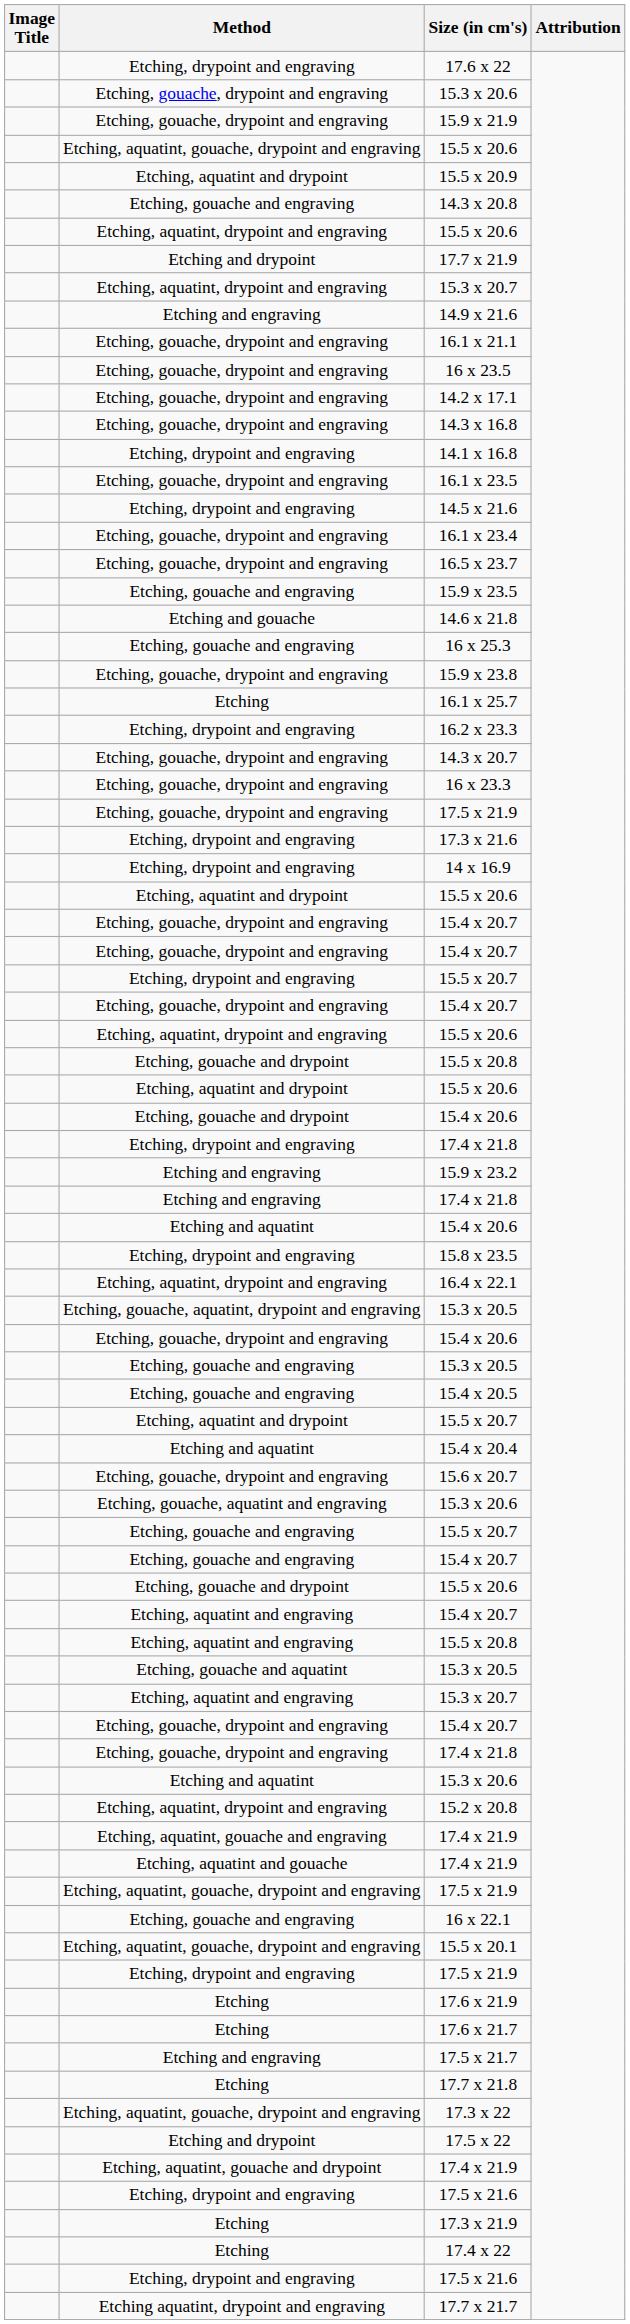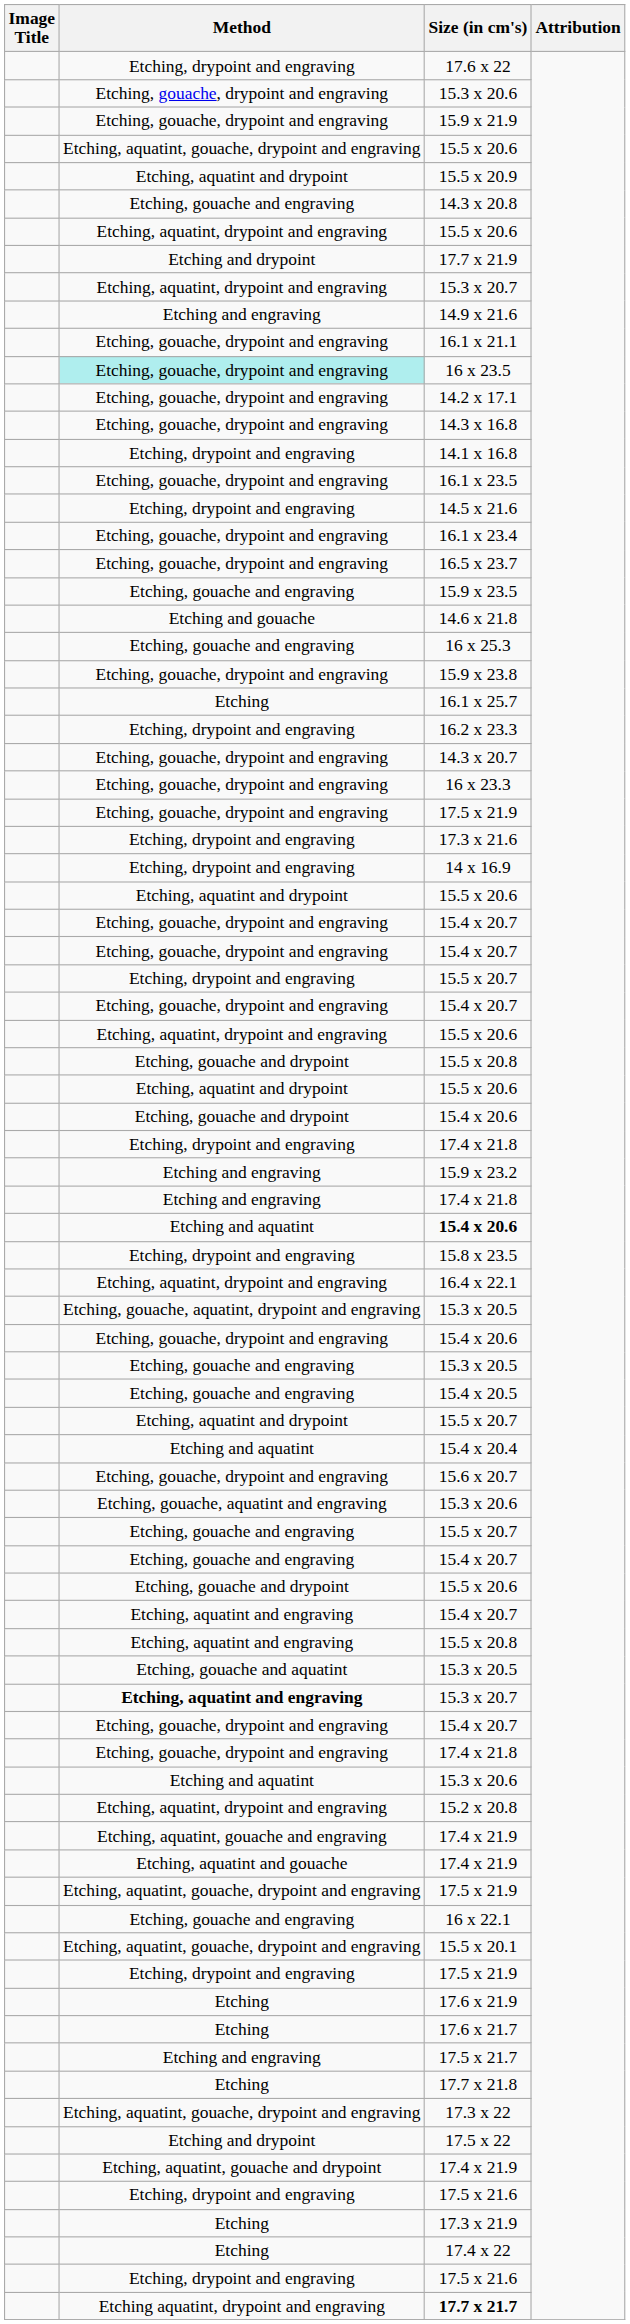 <table class="wikitable sortable" style="text-align: center">
 <tr>
 <th>Image<br>Title</th>
 <th>Method</th>
 <th>Size (in cm's)</th>
 <th>Attribution</th>
 </tr>
 <tr>
 <td></td>
 <td>Etching, drypoint and engraving</td>
 <td>17.6 x 22</td>
 </tr>
 <tr>
 <td></td>
 <td>Etching, <a href='#'>gouache</a>, drypoint and engraving</td>
 <td>15.3 x 20.6</td>
 </tr>
 <tr>
 <td></td>
 <td>Etching, gouache, drypoint and engraving</td>
 <td>15.9 x 21.9</td>
 </tr>
 <tr>
 <td></td>
 <td>Etching, aquatint, gouache, drypoint and engraving</td>
 <td>15.5 x 20.6</td>
 </tr>
 <tr>
 <td></td>
 <td>Etching, aquatint and drypoint</td>
 <td>15.5 x 20.9</td>
 </tr>
 <tr>
 <td></td>
 <td>Etching, gouache and engraving</td>
 <td>14.3 x 20.8</td>
 </tr>
 <tr>
 <td></td>
 <td>Etching, aquatint, drypoint and engraving</td>
 <td>15.5 x 20.6</td>
 </tr>
 <tr>
 <td></td>
 <td>Etching and drypoint</td>
 <td>17.7 x 21.9</td>
 </tr>
 <tr>
 <td></td>
 <td>Etching, aquatint, drypoint and engraving</td>
 <td>15.3 x 20.7</td>
 </tr>
 <tr>
 <td></td>
 <td>Etching and engraving</td>
 <td>14.9 x 21.6</td>
 </tr>
 <tr>
 <td></td>
 <td>Etching, gouache, drypoint and engraving</td>
 <td>16.1 x 21.1</td>
 </tr>
 <tr>
 <td></td>
-<td>Etching, gouache, drypoint and engraving</td>
+<td style="background: paleturquoise;">Etching, gouache, drypoint and engraving</td>
 <td>16 x 23.5</td>
 </tr>
 <tr>
 <td></td>
 <td>Etching, gouache, drypoint and engraving</td>
 <td>14.2 x 17.1</td>
 </tr>
 <tr>
 <td></td>
 <td>Etching, gouache, drypoint and engraving</td>
 <td>14.3 x 16.8</td>
 </tr>
 <tr>
 <td></td>
 <td>Etching, drypoint and engraving</td>
 <td>14.1 x 16.8</td>
 </tr>
 <tr>
 <td></td>
 <td>Etching, gouache, drypoint and engraving</td>
 <td>16.1 x 23.5</td>
 </tr>
 <tr>
 <td></td>
 <td>Etching, drypoint and engraving</td>
 <td>14.5 x 21.6</td>
 </tr>
 <tr>
 <td></td>
 <td>Etching, gouache, drypoint and engraving</td>
 <td>16.1 x 23.4</td>
 </tr>
 <tr>
 <td></td>
 <td>Etching, gouache, drypoint and engraving</td>
 <td>16.5 x 23.7</td>
 </tr>
 <tr>
 <td></td>
 <td>Etching, gouache and engraving</td>
 <td>15.9 x 23.5</td>
 </tr>
 <tr>
 <td></td>
 <td>Etching and gouache</td>
 <td>14.6 x 21.8</td>
 </tr>
 <tr>
 <td></td>
 <td>Etching, gouache and engraving</td>
 <td>16 x 25.3</td>
 </tr>
 <tr>
 <td></td>
 <td>Etching, gouache, drypoint and engraving</td>
 <td>15.9 x 23.8</td>
 </tr>
 <tr>
 <td></td>
 <td>Etching</td>
 <td>16.1 x 25.7</td>
 </tr>
 <tr>
 <td></td>
 <td>Etching, drypoint and engraving</td>
 <td>16.2 x 23.3</td>
 </tr>
 <tr>
 <td></td>
 <td>Etching, gouache, drypoint and engraving</td>
 <td>14.3 x 20.7</td>
 </tr>
 <tr>
 <td></td>
 <td>Etching, gouache, drypoint and engraving</td>
 <td>16 x 23.3</td>
 </tr>
 <tr>
 <td></td>
 <td>Etching, gouache, drypoint and engraving</td>
 <td>17.5 x 21.9</td>
 </tr>
 <tr>
 <td></td>
 <td>Etching, drypoint and engraving</td>
 <td>17.3 x 21.6</td>
 </tr>
 <tr>
 <td></td>
 <td>Etching, drypoint and engraving</td>
 <td>14 x 16.9</td>
 </tr>
 <tr>
 <td></td>
 <td>Etching, aquatint and drypoint</td>
 <td>15.5 x 20.6</td>
 </tr>
 <tr>
 <td></td>
 <td>Etching, gouache, drypoint and engraving</td>
 <td>15.4 x 20.7</td>
 </tr>
 <tr>
 <td></td>
 <td>Etching, gouache, drypoint and engraving</td>
 <td>15.4 x 20.7</td>
 </tr>
 <tr>
 <td></td>
 <td>Etching, drypoint and engraving</td>
 <td>15.5 x 20.7</td>
 </tr>
 <tr>
 <td></td>
 <td>Etching, gouache, drypoint and engraving</td>
 <td>15.4 x 20.7</td>
 </tr>
 <tr>
 <td></td>
 <td>Etching, aquatint, drypoint and engraving</td>
 <td>15.5 x 20.6</td>
 </tr>
 <tr>
 <td></td>
 <td>Etching, gouache and drypoint</td>
 <td>15.5 x 20.8</td>
 </tr>
 <tr>
 <td></td>
 <td>Etching, aquatint and drypoint</td>
 <td>15.5 x 20.6</td>
 </tr>
 <tr>
 <td></td>
 <td>Etching, gouache and drypoint</td>
 <td>15.4 x 20.6</td>
 </tr>
 <tr>
 <td></td>
 <td>Etching, drypoint and engraving</td>
 <td>17.4 x 21.8</td>
 </tr>
 <tr>
 <td></td>
 <td>Etching and engraving</td>
 <td>15.9 x 23.2</td>
 </tr>
 <tr>
 <td></td>
 <td>Etching and engraving</td>
 <td>17.4 x 21.8</td>
 </tr>
 <tr>
 <td></td>
 <td>Etching and aquatint</td>
-<td>15.4 x 20.6</td>
+<td><strong>15.4 x 20.6</strong></td>
 </tr>
 <tr>
 <td></td>
 <td>Etching, drypoint and engraving</td>
 <td>15.8 x 23.5</td>
 </tr>
 <tr>
 <td></td>
 <td>Etching, aquatint, drypoint and engraving</td>
 <td>16.4 x 22.1</td>
 </tr>
 <tr>
 <td></td>
 <td>Etching, gouache, aquatint, drypoint and engraving</td>
 <td>15.3 x 20.5</td>
 </tr>
 <tr>
 <td></td>
 <td>Etching, gouache, drypoint and engraving</td>
 <td>15.4 x 20.6</td>
 </tr>
 <tr>
 <td></td>
 <td>Etching, gouache and engraving</td>
 <td>15.3 x 20.5</td>
 </tr>
 <tr>
 <td></td>
 <td>Etching, gouache and engraving</td>
 <td>15.4 x 20.5</td>
 </tr>
 <tr>
 <td></td>
 <td>Etching, aquatint and drypoint</td>
 <td>15.5 x 20.7</td>
 </tr>
 <tr>
 <td></td>
 <td>Etching and aquatint</td>
 <td>15.4 x 20.4</td>
 </tr>
 <tr>
 <td></td>
 <td>Etching, gouache, drypoint and engraving</td>
 <td>15.6 x 20.7</td>
 </tr>
 <tr>
 <td></td>
 <td>Etching, gouache, aquatint and engraving</td>
 <td>15.3 x 20.6</td>
 </tr>
 <tr>
 <td></td>
 <td>Etching, gouache and engraving</td>
 <td>15.5 x 20.7</td>
 </tr>
 <tr>
 <td></td>
 <td>Etching, gouache and engraving</td>
 <td>15.4 x 20.7</td>
 </tr>
 <tr>
 <td></td>
 <td>Etching, gouache and drypoint</td>
 <td>15.5 x 20.6</td>
 </tr>
 <tr>
 <td></td>
 <td>Etching, aquatint and engraving</td>
 <td>15.4 x 20.7</td>
 </tr>
 <tr>
 <td></td>
 <td>Etching, aquatint and engraving</td>
 <td>15.5 x 20.8</td>
 </tr>
 <tr>
 <td></td>
 <td>Etching, gouache and aquatint</td>
 <td>15.3 x 20.5</td>
 </tr>
 <tr>
 <td></td>
-<td>Etching, aquatint and engraving</td>
+<td><strong>Etching, aquatint and engraving</strong></td>
 <td>15.3 x 20.7</td>
 </tr>
 <tr>
 <td></td>
 <td>Etching, gouache, drypoint and engraving</td>
 <td>15.4 x 20.7</td>
 </tr>
 <tr>
 <td></td>
 <td>Etching, gouache, drypoint and engraving</td>
 <td>17.4 x 21.8</td>
 </tr>
 <tr>
 <td></td>
 <td>Etching and aquatint</td>
 <td>15.3 x 20.6</td>
 </tr>
 <tr>
 <td></td>
 <td>Etching, aquatint, drypoint and engraving</td>
 <td>15.2 x 20.8</td>
 </tr>
 <tr>
 <td></td>
 <td>Etching, aquatint, gouache and engraving</td>
 <td>17.4 x 21.9</td>
 </tr>
 <tr>
 <td></td>
 <td>Etching, aquatint and gouache</td>
 <td>17.4 x 21.9</td>
 </tr>
 <tr>
 <td></td>
 <td>Etching, aquatint, gouache, drypoint and engraving</td>
 <td>17.5 x 21.9</td>
 </tr>
 <tr>
 <td></td>
 <td>Etching, gouache and engraving</td>
 <td>16 x 22.1</td>
 </tr>
 <tr>
 <td></td>
 <td>Etching, aquatint, gouache, drypoint and engraving</td>
 <td>15.5 x 20.1</td>
 </tr>
 <tr>
 <td></td>
 <td>Etching, drypoint and engraving</td>
 <td>17.5 x 21.9</td>
 </tr>
 <tr>
 <td></td>
 <td>Etching</td>
 <td>17.6 x 21.9</td>
 </tr>
 <tr>
 <td></td>
 <td>Etching</td>
 <td>17.6 x 21.7</td>
 </tr>
 <tr>
 <td></td>
 <td>Etching and engraving</td>
 <td>17.5 x 21.7</td>
 </tr>
 <tr>
 <td></td>
 <td>Etching</td>
 <td>17.7 x 21.8</td>
 </tr>
 <tr>
 <td></td>
 <td>Etching, aquatint, gouache, drypoint and engraving</td>
 <td>17.3 x 22</td>
 </tr>
 <tr>
 <td></td>
 <td>Etching and drypoint</td>
 <td>17.5 x 22</td>
 </tr>
 <tr>
 <td></td>
 <td>Etching, aquatint, gouache and drypoint</td>
 <td>17.4 x 21.9</td>
 </tr>
 <tr>
 <td></td>
 <td>Etching, drypoint and engraving</td>
 <td>17.5 x 21.6</td>
 </tr>
 <tr>
 <td></td>
 <td>Etching</td>
 <td>17.3 x 21.9</td>
 </tr>
 <tr>
 <td></td>
 <td>Etching</td>
 <td>17.4 x 22</td>
 </tr>
 <tr>
 <td></td>
 <td>Etching, drypoint and engraving</td>
 <td>17.5 x 21.6</td>
 </tr>
 <tr>
 <td></td>
 <td>Etching aquatint, drypoint and engraving</td>
-<td>17.7 x 21.7</td>
+<td><strong>17.7 x 21.7</strong></td>
 </tr>
 <tr>
 </tr>
 </table>
